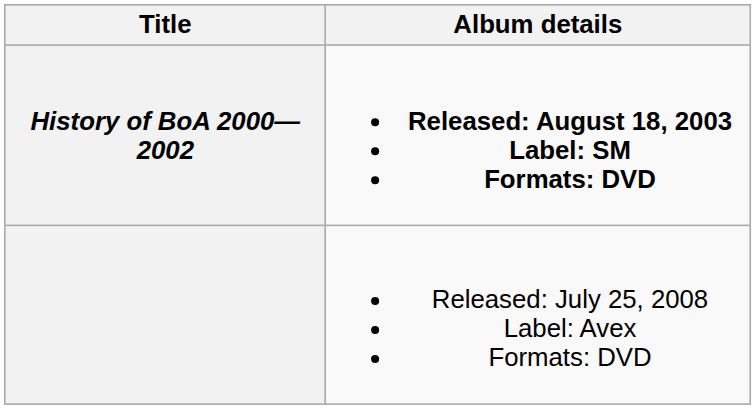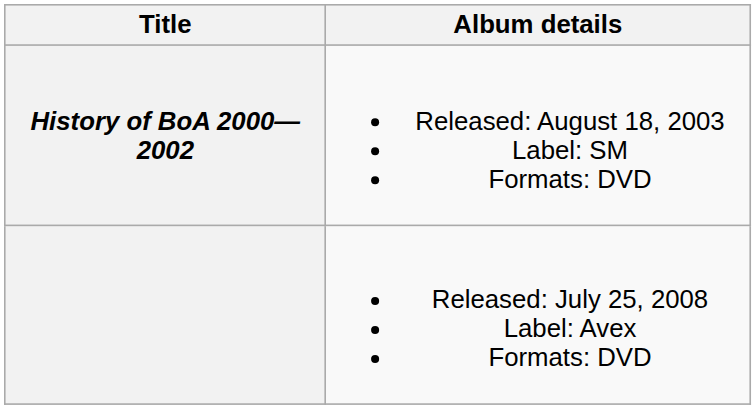 <table class="wikitable plainrowheaders" style="text-align:center;" border="1">
 <tr>
 <th style="width:12em;">Title</th>
 <th style="width:16em;">Album details</th>
 </tr>
 <tr>
 <th scope="row"><em>History of BoA 2000—2002</em></th>
-<td><strong><br><ul><li>Released: August 18, 2003 </li><li>Label: SM</li><li>Formats: DVD</li></ul></strong></td>
+<td><br><ul><li>Released: August 18, 2003 </li><li>Label: SM</li><li>Formats: DVD</li></ul></td>
 </tr>
 <tr>
 <th scope="row"></th>
 <td><br><ul><li>Released: July 25, 2008 </li><li>Label: Avex</li><li>Formats: DVD</li></ul></td>
 </tr>
 </table>
